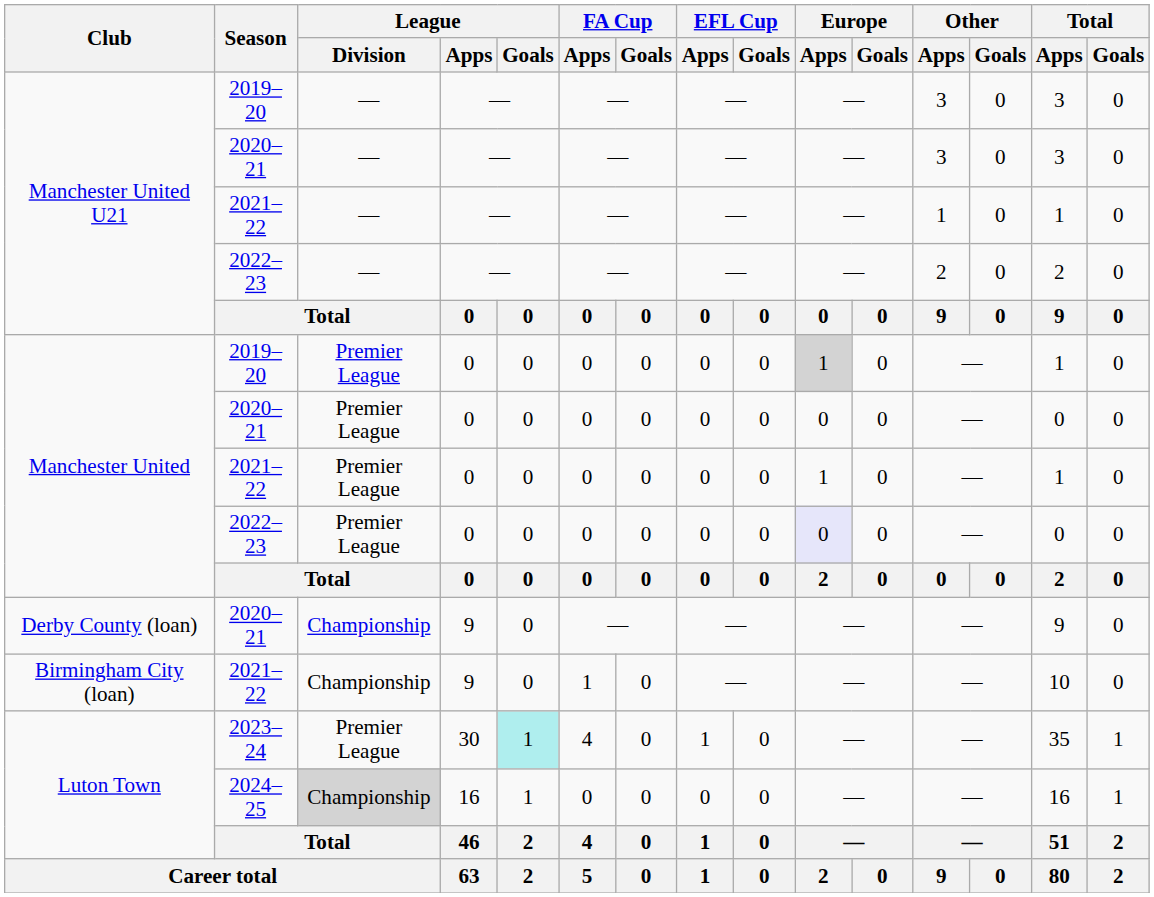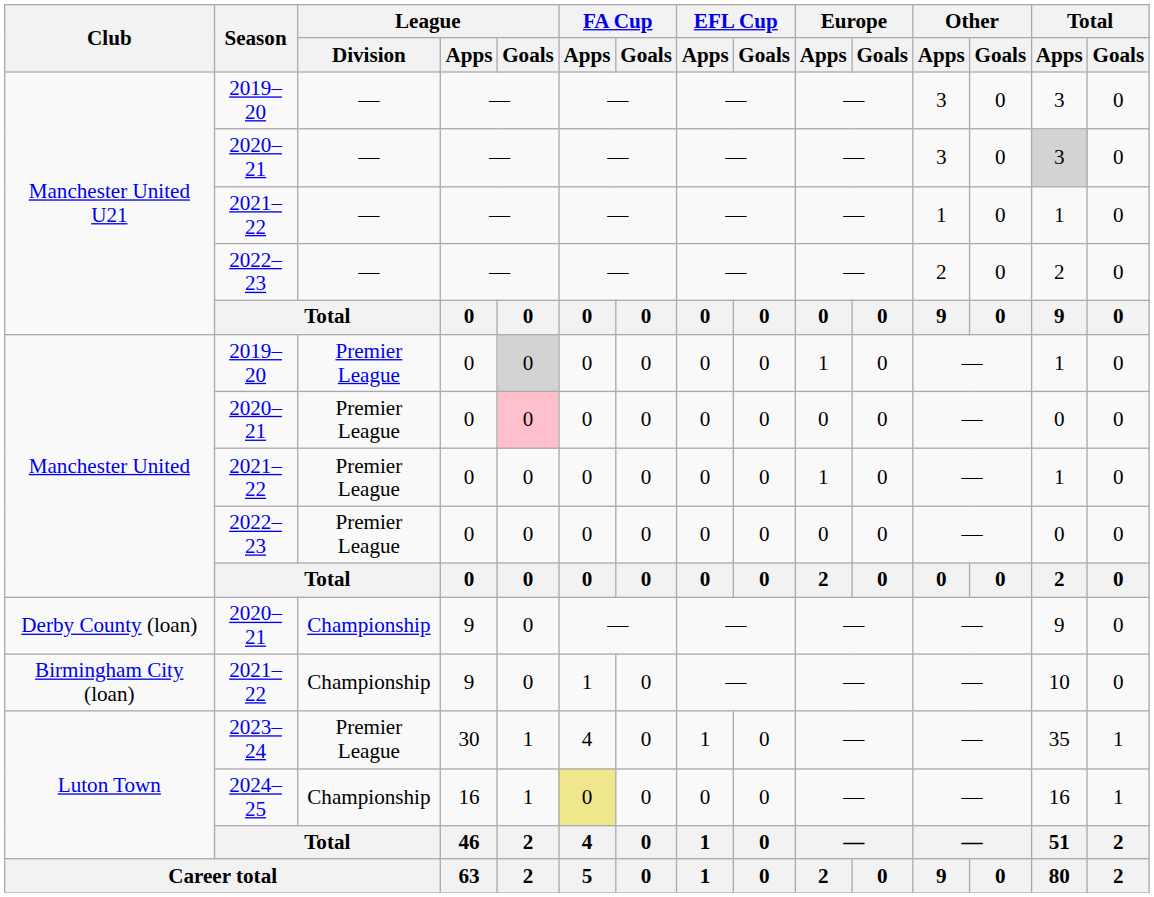 <table class="wikitable" style="text-align:center">
 <tr>
 <th rowspan="2">Club</th>
 <th rowspan="2">Season</th>
 <th colspan="3">League</th>
 <th colspan="2"><a href='#'>FA Cup</a></th>
 <th colspan="2"><a href='#'>EFL Cup</a></th>
 <th colspan="2">Europe</th>
 <th colspan="2">Other</th>
 <th colspan="2">Total</th>
 </tr>
 <tr>
 <th>Division</th>
 <th>Apps</th>
 <th>Goals</th>
 <th>Apps</th>
 <th>Goals</th>
 <th>Apps</th>
 <th>Goals</th>
 <th>Apps</th>
 <th>Goals</th>
 <th>Apps</th>
 <th>Goals</th>
 <th>Apps</th>
 <th>Goals</th>
 </tr>
 <tr>
 <td rowspan=5><a href='#'>Manchester United U21</a></td>
 <td><a href='#'>2019–20</a></td>
 <td>—</td>
 <td colspan=2>—</td>
 <td colspan=2>—</td>
 <td colspan=2>—</td>
 <td colspan=2>—</td>
 <td>3</td>
 <td>0</td>
 <td>3</td>
 <td>0</td>
 </tr>
 <tr>
 <td><a href='#'>2020–21</a></td>
 <td>—</td>
 <td colspan=2>—</td>
 <td colspan=2>—</td>
 <td colspan=2>—</td>
 <td colspan=2>—</td>
 <td>3</td>
 <td>0</td>
-<td>3</td>
+<td style="background: lightgrey;">3</td>
 <td>0</td>
 </tr>
 <tr>
 <td><a href='#'>2021–22</a></td>
 <td>—</td>
 <td colspan=2>—</td>
 <td colspan=2>—</td>
 <td colspan=2>—</td>
 <td colspan=2>—</td>
 <td>1</td>
 <td>0</td>
 <td>1</td>
 <td>0</td>
 </tr>
 <tr>
 <td><a href='#'>2022–23</a></td>
 <td>—</td>
 <td colspan=2>—</td>
 <td colspan=2>—</td>
 <td colspan=2>—</td>
 <td colspan=2>—</td>
 <td>2</td>
 <td>0</td>
 <td>2</td>
 <td>0</td>
 </tr>
 <tr>
 <th colspan="2">Total</th>
 <th>0</th>
 <th>0</th>
 <th>0</th>
 <th>0</th>
 <th>0</th>
 <th>0</th>
 <th>0</th>
 <th>0</th>
 <th>9</th>
 <th>0</th>
 <th>9</th>
 <th>0</th>
 </tr>
 <tr>
 <td rowspan=5><a href='#'>Manchester United</a></td>
 <td><a href='#'>2019–20</a></td>
 <td><a href='#'>Premier League</a></td>
 <td>0</td>
+<td style="background: lightgrey;">0</td>
 <td>0</td>
 <td>0</td>
 <td>0</td>
 <td>0</td>
-<td>0</td>
-<td style="background: lightgrey;">1</td>
+<td>1</td>
 <td>0</td>
 <td colspan=2>—</td>
 <td>1</td>
 <td>0</td>
 </tr>
 <tr>
 <td><a href='#'>2020–21</a></td>
 <td>Premier League</td>
 <td>0</td>
-<td>0</td>
+<td style="background: pink;">0</td>
 <td>0</td>
 <td>0</td>
 <td>0</td>
 <td>0</td>
 <td>0</td>
 <td>0</td>
 <td colspan=2>—</td>
 <td>0</td>
 <td>0</td>
 </tr>
 <tr>
 <td><a href='#'>2021–22</a></td>
 <td>Premier League</td>
 <td>0</td>
 <td>0</td>
 <td>0</td>
 <td>0</td>
 <td>0</td>
 <td>0</td>
 <td>1</td>
 <td>0</td>
 <td colspan=2>—</td>
 <td>1</td>
 <td>0</td>
 </tr>
 <tr>
 <td><a href='#'>2022–23</a></td>
 <td>Premier League</td>
 <td>0</td>
 <td>0</td>
 <td>0</td>
 <td>0</td>
 <td>0</td>
 <td>0</td>
-<td style="background: lavender;">0</td>
+<td>0</td>
 <td>0</td>
 <td colspan=2>—</td>
 <td>0</td>
 <td>0</td>
 </tr>
 <tr>
 <th colspan="2">Total</th>
 <th>0</th>
 <th>0</th>
 <th>0</th>
 <th>0</th>
 <th>0</th>
 <th>0</th>
 <th>2</th>
 <th>0</th>
 <th>0</th>
 <th>0</th>
 <th>2</th>
 <th>0</th>
 </tr>
 <tr>
 <td><a href='#'>Derby County</a> (loan)</td>
 <td><a href='#'>2020–21</a></td>
 <td><a href='#'>Championship</a></td>
 <td>9</td>
 <td>0</td>
 <td colspan="2">—</td>
 <td colspan="2">—</td>
 <td colspan="2">—</td>
 <td colspan="2">—</td>
 <td>9</td>
 <td>0</td>
 </tr>
 <tr>
 <td><a href='#'>Birmingham City</a> (loan)</td>
 <td><a href='#'>2021–22</a></td>
 <td>Championship</td>
 <td>9</td>
 <td>0</td>
 <td>1</td>
 <td>0</td>
 <td colspan="2">—</td>
 <td colspan="2">—</td>
 <td colspan="2">—</td>
 <td>10</td>
 <td>0</td>
 </tr>
 <tr>
 <td rowspan="3"><a href='#'>Luton Town</a></td>
 <td><a href='#'>2023–24</a></td>
 <td>Premier League</td>
 <td>30</td>
-<td style="background: paleturquoise;">1</td>
+<td>1</td>
 <td>4</td>
 <td>0</td>
 <td>1</td>
 <td>0</td>
 <td colspan="2">—</td>
 <td colspan="2">—</td>
 <td>35</td>
 <td>1</td>
 </tr>
 <tr>
 <td><a href='#'>2024–25</a></td>
-<td style="background: lightgrey;">Championship</td>
+<td>Championship</td>
 <td>16</td>
 <td>1</td>
-<td>0</td>
+<td style="background: khaki;">0</td>
 <td>0</td>
 <td>0</td>
 <td>0</td>
 <td colspan="2">—</td>
 <td colspan="2">—</td>
 <td>16</td>
 <td>1</td>
 </tr>
 <tr>
 <th colspan="2">Total</th>
 <th>46</th>
 <th>2</th>
 <th>4</th>
 <th>0</th>
 <th>1</th>
 <th>0</th>
 <th colspan="2">—</th>
 <th colspan="2">—</th>
 <th>51</th>
 <th>2</th>
 </tr>
 <tr>
 <th colspan="3">Career total</th>
 <th>63</th>
 <th>2</th>
 <th>5</th>
 <th>0</th>
 <th>1</th>
 <th>0</th>
 <th>2</th>
 <th>0</th>
 <th>9</th>
 <th>0</th>
 <th>80</th>
 <th>2</th>
 </tr>
 </table>
